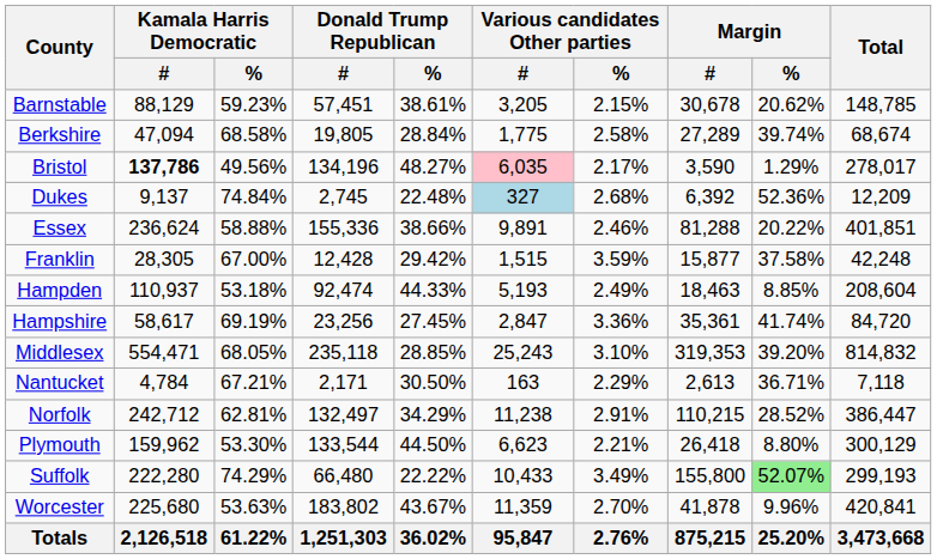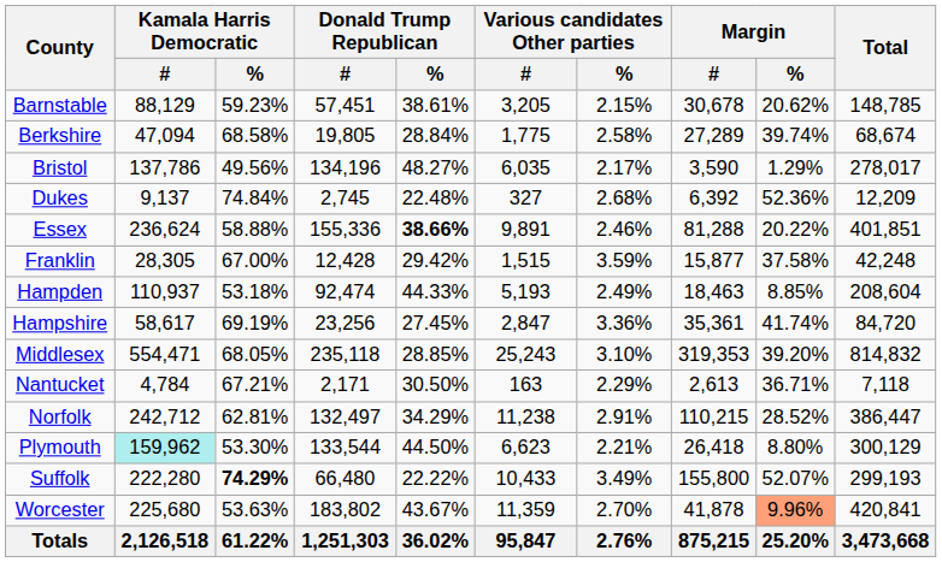 <table width="60%"  class="wikitable sortable" style="text-align:center">
 <tr>
 <th style="text-align:center;" rowspan="2">County</th>
 <th style="text-align:center;" colspan="2">Kamala Harris<br>Democratic</th>
 <th style="text-align:center;" colspan="2">Donald Trump<br>Republican</th>
 <th style="text-align:center;" colspan="2">Various candidates<br>Other parties</th>
 <th style="text-align:center;" colspan="2">Margin</th>
 <th style="text-align:center;" rowspan="2">Total</th>
 </tr>
 <tr>
 <th style="text-align:center;" data-sort-type="number">#</th>
 <th style="text-align:center;" data-sort-type="number">%</th>
 <th style="text-align:center;" data-sort-type="number">#</th>
 <th style="text-align:center;" data-sort-type="number">%</th>
 <th style="text-align:center;" data-sort-type="number">#</th>
 <th style="text-align:center;" data-sort-type="number">%</th>
 <th style="text-align:center;" data-sort-type="number">#</th>
 <th style="text-align:center;" data-sort-type="number">%</th>
 </tr>
 <tr style="text-align:center;">
 <td><a href='#'>Barnstable</a></td>
 <td>88,129</td>
 <td>59.23%</td>
 <td>57,451</td>
 <td>38.61%</td>
 <td>3,205</td>
 <td>2.15%</td>
 <td>30,678</td>
 <td>20.62%</td>
 <td>148,785</td>
 </tr>
 <tr style="text-align:center;">
 <td><a href='#'>Berkshire</a></td>
 <td>47,094</td>
 <td>68.58%</td>
 <td>19,805</td>
 <td>28.84%</td>
 <td>1,775</td>
 <td>2.58%</td>
 <td>27,289</td>
 <td>39.74%</td>
 <td>68,674</td>
 </tr>
 <tr style="text-align:center;">
 <td><a href='#'>Bristol</a></td>
-<td><strong>137,786</strong></td>
+<td>137,786</td>
 <td>49.56%</td>
 <td>134,196</td>
 <td>48.27%</td>
-<td style="background: pink;">6,035</td>
+<td>6,035</td>
 <td>2.17%</td>
 <td>3,590</td>
 <td>1.29%</td>
 <td>278,017</td>
 </tr>
 <tr style="text-align:center;">
 <td><a href='#'>Dukes</a></td>
 <td>9,137</td>
 <td>74.84%</td>
 <td>2,745</td>
 <td>22.48%</td>
-<td style="background: lightblue;">327</td>
+<td>327</td>
 <td>2.68%</td>
 <td>6,392</td>
 <td>52.36%</td>
 <td>12,209</td>
 </tr>
 <tr style="text-align:center;">
 <td><a href='#'>Essex</a></td>
 <td>236,624</td>
 <td>58.88%</td>
 <td>155,336</td>
-<td>38.66%</td>
+<td><strong>38.66%</strong></td>
 <td>9,891</td>
 <td>2.46%</td>
 <td>81,288</td>
 <td>20.22%</td>
 <td>401,851</td>
 </tr>
 <tr style="text-align:center;">
 <td><a href='#'>Franklin</a></td>
 <td>28,305</td>
 <td>67.00%</td>
 <td>12,428</td>
 <td>29.42%</td>
 <td>1,515</td>
 <td>3.59%</td>
 <td>15,877</td>
 <td>37.58%</td>
 <td>42,248</td>
 </tr>
 <tr style="text-align:center;">
 <td><a href='#'>Hampden</a></td>
 <td>110,937</td>
 <td>53.18%</td>
 <td>92,474</td>
 <td>44.33%</td>
 <td>5,193</td>
 <td>2.49%</td>
 <td>18,463</td>
 <td>8.85%</td>
 <td>208,604</td>
 </tr>
 <tr style="text-align:center;">
 <td><a href='#'>Hampshire</a></td>
 <td>58,617</td>
 <td>69.19%</td>
 <td>23,256</td>
 <td>27.45%</td>
 <td>2,847</td>
 <td>3.36%</td>
 <td>35,361</td>
 <td>41.74%</td>
 <td>84,720</td>
 </tr>
 <tr style="text-align:center;">
 <td><a href='#'>Middlesex</a></td>
 <td>554,471</td>
 <td>68.05%</td>
 <td>235,118</td>
 <td>28.85%</td>
 <td>25,243</td>
 <td>3.10%</td>
 <td>319,353</td>
 <td>39.20%</td>
 <td>814,832</td>
 </tr>
 <tr style="text-align:center;">
 <td><a href='#'>Nantucket</a></td>
 <td>4,784</td>
 <td>67.21%</td>
 <td>2,171</td>
 <td>30.50%</td>
 <td>163</td>
 <td>2.29%</td>
 <td>2,613</td>
 <td>36.71%</td>
 <td>7,118</td>
 </tr>
 <tr style="text-align:center;">
 <td><a href='#'>Norfolk</a></td>
 <td>242,712</td>
 <td>62.81%</td>
 <td>132,497</td>
 <td>34.29%</td>
 <td>11,238</td>
 <td>2.91%</td>
 <td>110,215</td>
 <td>28.52%</td>
 <td>386,447</td>
 </tr>
 <tr style="text-align:center;">
 <td><a href='#'>Plymouth</a></td>
-<td>159,962</td>
+<td style="background: paleturquoise;">159,962</td>
 <td>53.30%</td>
 <td>133,544</td>
 <td>44.50%</td>
 <td>6,623</td>
 <td>2.21%</td>
 <td>26,418</td>
 <td>8.80%</td>
 <td>300,129</td>
 </tr>
 <tr style="text-align:center;">
 <td><a href='#'>Suffolk</a></td>
 <td>222,280</td>
-<td>74.29%</td>
+<td><strong>74.29%</strong></td>
 <td>66,480</td>
 <td>22.22%</td>
 <td>10,433</td>
 <td>3.49%</td>
 <td>155,800</td>
-<td style="background: lightgreen;">52.07%</td>
+<td>52.07%</td>
 <td>299,193</td>
 </tr>
 <tr style="text-align:center;">
 <td><a href='#'>Worcester</a></td>
 <td>225,680</td>
 <td>53.63%</td>
 <td>183,802</td>
 <td>43.67%</td>
 <td>11,359</td>
 <td>2.70%</td>
 <td>41,878</td>
-<td>9.96%</td>
+<td style="background: lightsalmon;">9.96%</td>
 <td>420,841</td>
 </tr>
 <tr>
 <th>Totals</th>
 <th>2,126,518</th>
 <th>61.22%</th>
 <th>1,251,303</th>
 <th>36.02%</th>
 <th>95,847</th>
 <th>2.76%</th>
 <th>875,215</th>
 <th>25.20%</th>
 <th>3,473,668</th>
 </tr>
 </table>
